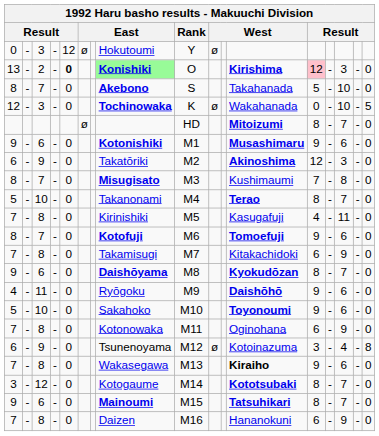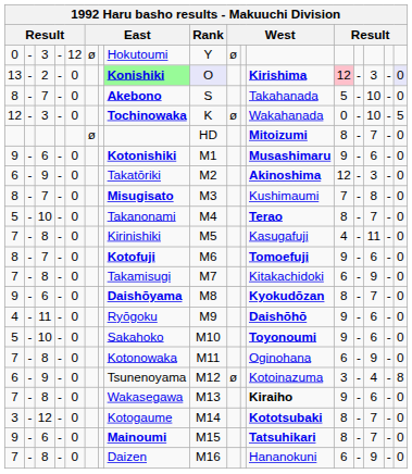 <table class="wikitable">
 <tr>
 <th colspan="17">1992 Haru basho results - Makuuchi Division</th>
 </tr>
 <tr>
 <th colspan="5">Result</th>
 <th colspan="3">East</th>
 <th>Rank</th>
 <th colspan="3">West</th>
 <th colspan="5">Result</th>
 </tr>
 <tr>
 <td align=center>0</td>
 <td align=center>-</td>
 <td align=center>3</td>
 <td align=center>-</td>
 <td align=center>12</td>
 <td align=center>ø</td>
 <td align=center></td>
 <td><a href='#'>Hokutoumi</a></td>
 <td align=center>Y</td>
 <td align=center>ø</td>
 <td align=center></td>
 <td></td>
 <td align=center></td>
 <td align=center></td>
 <td align=center></td>
 <td align=center></td>
 <td align=center></td>
 </tr>
 <tr>
 <td align=center>13</td>
 <td align=center>-</td>
 <td align=center>2</td>
 <td align=center>-</td>
-<td align=center><strong>0</strong></td>
+<td align=center>0</td>
 <td align=center></td>
 <td align=center></td>
 <td style="background: PaleGreen;"><strong><a href='#'>Konishiki</a></strong></td>
-<td align=center>O</td>
+<td align=center style="background: lavender;">O</td>
 <td align=center></td>
 <td align=center></td>
 <td><strong><a href='#'>Kirishima</a></strong></td>
 <td align=center style="background: pink;">12</td>
 <td align=center>-</td>
 <td align=center>3</td>
 <td align=center>-</td>
-<td align=center>0</td>
+<td align=center style="background: lavender;">0</td>
 </tr>
 <tr>
 <td align=center>8</td>
 <td align=center>-</td>
 <td align=center>7</td>
 <td align=center>-</td>
 <td align=center>0</td>
 <td align=center></td>
 <td align=center></td>
 <td><strong><a href='#'>Akebono</a></strong></td>
 <td align=center>S</td>
 <td align=center></td>
 <td align=center></td>
 <td><a href='#'>Takahanada</a></td>
 <td align=center>5</td>
 <td align=center>-</td>
 <td align=center>10</td>
 <td align=center>-</td>
 <td align=center>0</td>
 </tr>
 <tr>
 <td align=center>12</td>
 <td align=center>-</td>
 <td align=center>3</td>
 <td align=center>-</td>
 <td align=center>0</td>
 <td align=center></td>
 <td align=center></td>
 <td><strong><a href='#'>Tochinowaka</a></strong></td>
 <td align=center>K</td>
 <td align=center>ø</td>
 <td align=center></td>
 <td><a href='#'>Wakahanada</a></td>
 <td align=center>0</td>
 <td align=center>-</td>
 <td align=center>10</td>
 <td align=center>-</td>
 <td align=center>5</td>
 </tr>
 <tr>
 <td align=center></td>
 <td align=center></td>
 <td align=center></td>
 <td align=center></td>
 <td align=center></td>
 <td align=center>ø</td>
 <td align=center></td>
 <td></td>
 <td align=center>HD</td>
 <td align=center></td>
 <td align=center></td>
 <td><strong><a href='#'>Mitoizumi</a></strong></td>
 <td align=center>8</td>
 <td align=center>-</td>
 <td align=center>7</td>
 <td align=center>-</td>
 <td align=center>0</td>
 </tr>
 <tr>
 <td align=center>9</td>
 <td align=center>-</td>
 <td align=center>6</td>
 <td align=center>-</td>
 <td align=center>0</td>
 <td align=center></td>
 <td align=center></td>
 <td><strong><a href='#'>Kotonishiki</a></strong></td>
 <td align=center>M1</td>
 <td align=center></td>
 <td align=center></td>
 <td><strong><a href='#'>Musashimaru</a></strong></td>
 <td align=center>9</td>
 <td align=center>-</td>
 <td align=center>6</td>
 <td align=center>-</td>
 <td align=center>0</td>
 </tr>
 <tr>
 <td align=center>6</td>
 <td align=center>-</td>
 <td align=center>9</td>
 <td align=center>-</td>
 <td align=center>0</td>
 <td align=center></td>
 <td align=center></td>
 <td><a href='#'>Takatōriki</a></td>
 <td align=center>M2</td>
 <td align=center></td>
 <td align=center></td>
 <td><strong><a href='#'>Akinoshima</a></strong></td>
 <td align=center>12</td>
 <td align=center>-</td>
 <td align=center>3</td>
 <td align=center>-</td>
 <td align=center>0</td>
 </tr>
 <tr>
 <td align=center>8</td>
 <td align=center>-</td>
 <td align=center>7</td>
 <td align=center>-</td>
 <td align=center>0</td>
 <td align=center></td>
 <td align=center></td>
 <td><strong><a href='#'>Misugisato</a></strong></td>
 <td align=center>M3</td>
 <td align=center></td>
 <td align=center></td>
 <td><a href='#'>Kushimaumi</a></td>
 <td align=center>7</td>
 <td align=center>-</td>
 <td align=center>8</td>
 <td align=center>-</td>
 <td align=center>0</td>
 </tr>
 <tr>
 <td align=center>5</td>
 <td align=center>-</td>
 <td align=center>10</td>
 <td align=center>-</td>
 <td align=center>0</td>
 <td align=center></td>
 <td align=center></td>
 <td><a href='#'>Takanonami</a></td>
 <td align=center>M4</td>
 <td align=center></td>
 <td align=center></td>
 <td><strong><a href='#'>Terao</a></strong></td>
 <td align=center>8</td>
 <td align=center>-</td>
 <td align=center>7</td>
 <td align=center>-</td>
 <td align=center>0</td>
 </tr>
 <tr>
 <td align=center>7</td>
 <td align=center>-</td>
 <td align=center>8</td>
 <td align=center>-</td>
 <td align=center>0</td>
 <td align=center></td>
 <td align=center></td>
 <td><a href='#'>Kirinishiki</a></td>
 <td align=center>M5</td>
 <td align=center></td>
 <td align=center></td>
 <td><a href='#'>Kasugafuji</a></td>
 <td align=center>4</td>
 <td align=center>-</td>
 <td align=center>11</td>
 <td align=center>-</td>
 <td align=center>0</td>
 </tr>
 <tr>
 <td align=center>8</td>
 <td align=center>-</td>
 <td align=center>7</td>
 <td align=center>-</td>
 <td align=center>0</td>
 <td align=center></td>
 <td align=center></td>
 <td><strong><a href='#'>Kotofuji</a></strong></td>
 <td align=center>M6</td>
 <td align=center></td>
 <td align=center></td>
 <td><strong><a href='#'>Tomoefuji</a></strong></td>
 <td align=center>9</td>
 <td align=center>-</td>
 <td align=center>6</td>
 <td align=center>-</td>
 <td align=center>0</td>
 </tr>
 <tr>
 <td align=center>7</td>
 <td align=center>-</td>
 <td align=center>8</td>
 <td align=center>-</td>
 <td align=center>0</td>
 <td align=center></td>
 <td align=center></td>
 <td><a href='#'>Takamisugi</a></td>
 <td align=center>M7</td>
 <td align=center></td>
 <td align=center></td>
 <td><a href='#'>Kitakachidoki</a></td>
 <td align=center>6</td>
 <td align=center>-</td>
 <td align=center>9</td>
 <td align=center>-</td>
 <td align=center>0</td>
 </tr>
 <tr>
 <td align=center>9</td>
 <td align=center>-</td>
 <td align=center>6</td>
 <td align=center>-</td>
 <td align=center>0</td>
 <td align=center></td>
 <td align=center></td>
 <td><strong><a href='#'>Daishōyama</a></strong></td>
 <td align=center>M8</td>
 <td align=center></td>
 <td align=center></td>
 <td><strong><a href='#'>Kyokudōzan</a></strong></td>
 <td align=center>8</td>
 <td align=center>-</td>
 <td align=center>7</td>
 <td align=center>-</td>
 <td align=center>0</td>
 </tr>
 <tr>
 <td align=center>4</td>
 <td align=center>-</td>
 <td align=center>11</td>
 <td align=center>-</td>
 <td align=center>0</td>
 <td align=center></td>
 <td align=center></td>
 <td><a href='#'>Ryōgoku</a></td>
 <td align=center>M9</td>
 <td align=center></td>
 <td align=center></td>
 <td><strong><a href='#'>Daishōhō</a></strong></td>
 <td align=center>9</td>
 <td align=center>-</td>
 <td align=center>6</td>
 <td align=center>-</td>
 <td align=center>0</td>
 </tr>
 <tr>
 <td align=center>5</td>
 <td align=center>-</td>
 <td align=center>10</td>
 <td align=center>-</td>
 <td align=center>0</td>
 <td align=center></td>
 <td align=center></td>
 <td><a href='#'>Sakahoko</a></td>
 <td align=center>M10</td>
 <td align=center></td>
 <td align=center></td>
 <td><strong><a href='#'>Toyonoumi</a></strong></td>
 <td align=center>9</td>
 <td align=center>-</td>
 <td align=center>6</td>
 <td align=center>-</td>
 <td align=center>0</td>
 </tr>
 <tr>
 <td align=center>7</td>
 <td align=center>-</td>
 <td align=center>8</td>
 <td align=center>-</td>
 <td align=center>0</td>
 <td align=center></td>
 <td align=center></td>
 <td><a href='#'>Kotonowaka</a></td>
 <td align=center>M11</td>
 <td align=center></td>
 <td align=center></td>
 <td><a href='#'>Oginohana</a></td>
 <td align=center>6</td>
 <td align=center>-</td>
 <td align=center>9</td>
 <td align=center>-</td>
 <td align=center>0</td>
 </tr>
 <tr>
 <td align=center>6</td>
 <td align=center>-</td>
 <td align=center>9</td>
 <td align=center>-</td>
 <td align=center>0</td>
 <td align=center></td>
 <td align=center></td>
 <td>Tsunenoyama</td>
 <td align=center>M12</td>
 <td align=center>ø</td>
 <td align=center></td>
 <td><a href='#'>Kotoinazuma</a></td>
 <td align=center>3</td>
 <td align=center>-</td>
 <td align=center>4</td>
 <td align=center>-</td>
 <td align=center>8</td>
 </tr>
 <tr>
 <td align=center>7</td>
 <td align=center>-</td>
 <td align=center>8</td>
 <td align=center>-</td>
 <td align=center>0</td>
 <td align=center></td>
 <td align=center></td>
 <td><a href='#'>Wakasegawa</a></td>
 <td align=center>M13</td>
 <td align=center></td>
 <td align=center></td>
 <td><strong>Kiraiho</strong></td>
 <td align=center>9</td>
 <td align=center>-</td>
 <td align=center>6</td>
 <td align=center>-</td>
 <td align=center>0</td>
 </tr>
 <tr>
 <td align=center>3</td>
 <td align=center>-</td>
 <td align=center>12</td>
 <td align=center>-</td>
 <td align=center>0</td>
 <td align=center></td>
 <td align=center></td>
 <td><a href='#'>Kotogaume</a></td>
 <td align=center>M14</td>
 <td align=center></td>
 <td align=center></td>
 <td><strong><a href='#'>Kototsubaki</a></strong></td>
 <td align=center>8</td>
 <td align=center>-</td>
 <td align=center>7</td>
 <td align=center>-</td>
 <td align=center>0</td>
 </tr>
 <tr>
 <td align=center>9</td>
 <td align=center>-</td>
 <td align=center>6</td>
 <td align=center>-</td>
 <td align=center>0</td>
 <td align=center></td>
 <td align=center></td>
 <td><strong><a href='#'>Mainoumi</a></strong></td>
 <td align=center>M15</td>
 <td align=center></td>
 <td align=center></td>
 <td><strong><a href='#'>Tatsuhikari</a></strong></td>
 <td align=center>8</td>
 <td align=center>-</td>
 <td align=center>7</td>
 <td align=center>-</td>
 <td align=center>0</td>
 </tr>
 <tr>
 <td align=center>7</td>
 <td align=center>-</td>
 <td align=center>8</td>
 <td align=center>-</td>
 <td align=center>0</td>
 <td align=center></td>
 <td align=center></td>
 <td><a href='#'>Daizen</a></td>
 <td align=center>M16</td>
 <td align=center></td>
 <td align=center></td>
 <td><a href='#'>Hananokuni</a></td>
 <td align=center>6</td>
 <td align=center>-</td>
 <td align=center>9</td>
 <td align=center>-</td>
 <td align=center>0</td>
 </tr>
 </table>
